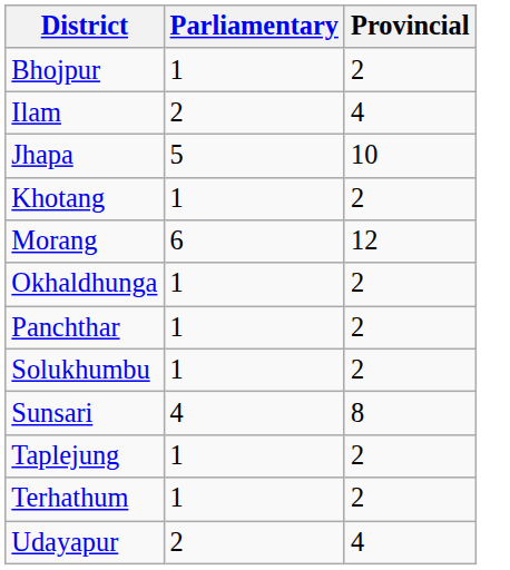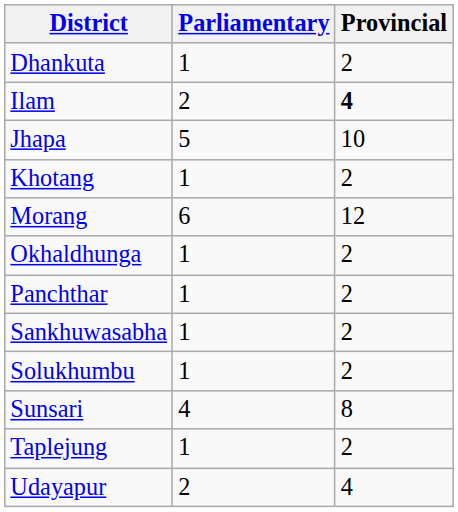 <table class="wikitable">
 <tr>
 <th><a href='#'>District</a></th>
 <th><a href='#'>Parliamentary</a></th>
 <th>Provincial</th>
 </tr>
 <tr>
-<td><a href='#'>Bhojpur</a></td>
+<td><a href='#'>Dhankuta</a></td>
 <td>1</td>
 <td>2</td>
 </tr>
 <tr>
 <td><a href='#'>Ilam</a></td>
 <td>2</td>
-<td>4</td>
+<td><strong>4</strong></td>
 </tr>
 <tr>
 <td><a href='#'>Jhapa</a></td>
 <td>5</td>
 <td>10</td>
 </tr>
 <tr>
 <td><a href='#'>Khotang</a></td>
 <td>1</td>
 <td>2</td>
 </tr>
 <tr>
 <td><a href='#'>Morang</a></td>
 <td>6</td>
 <td>12</td>
 </tr>
 <tr>
 <td><a href='#'>Okhaldhunga</a></td>
 <td>1</td>
 <td>2</td>
 </tr>
 <tr>
 <td><a href='#'>Panchthar</a></td>
 <td>1</td>
 <td>2</td>
 </tr>
 <tr>
+<td><a href='#'>Sankhuwasabha</a></td>
+<td>1</td>
+<td>2</td>
+</tr>
+<tr>
 <td><a href='#'>Solukhumbu</a></td>
 <td>1</td>
 <td>2</td>
 </tr>
 <tr>
 <td><a href='#'>Sunsari</a></td>
 <td>4</td>
 <td>8</td>
 </tr>
 <tr>
 <td><a href='#'>Taplejung</a></td>
 <td>1</td>
 <td>2</td>
 </tr>
 <tr>
-<td><a href='#'>Terhathum</a></td>
-<td>1</td>
-<td>2</td>
-</tr>
-<tr>
 <td><a href='#'>Udayapur</a></td>
 <td>2</td>
 <td>4</td>
 </tr>
 </table>
